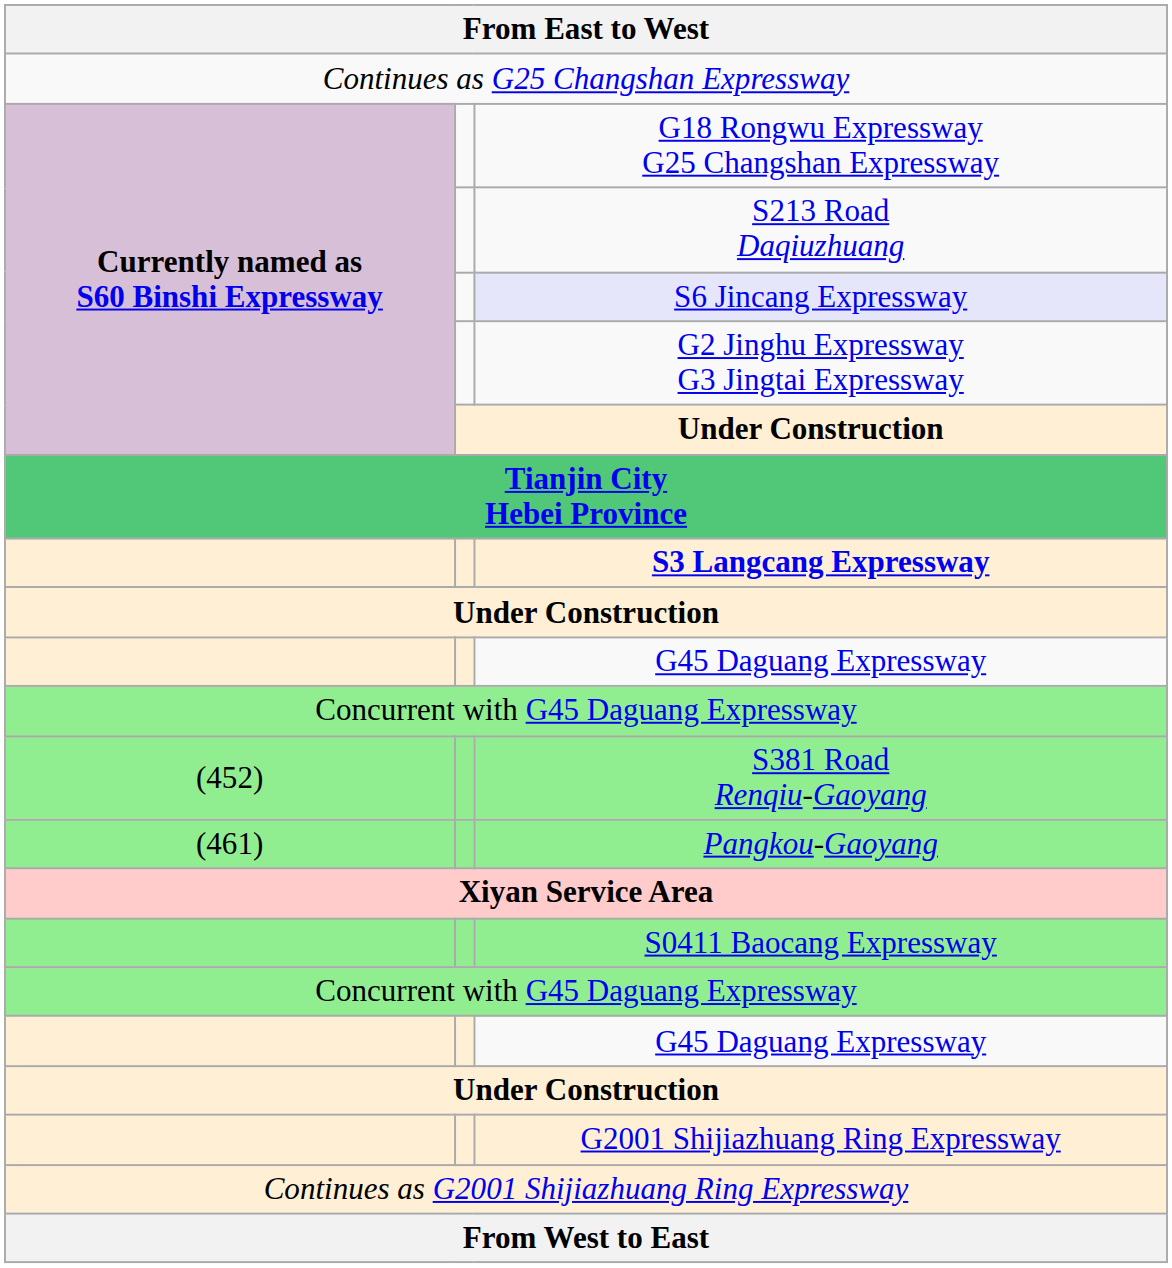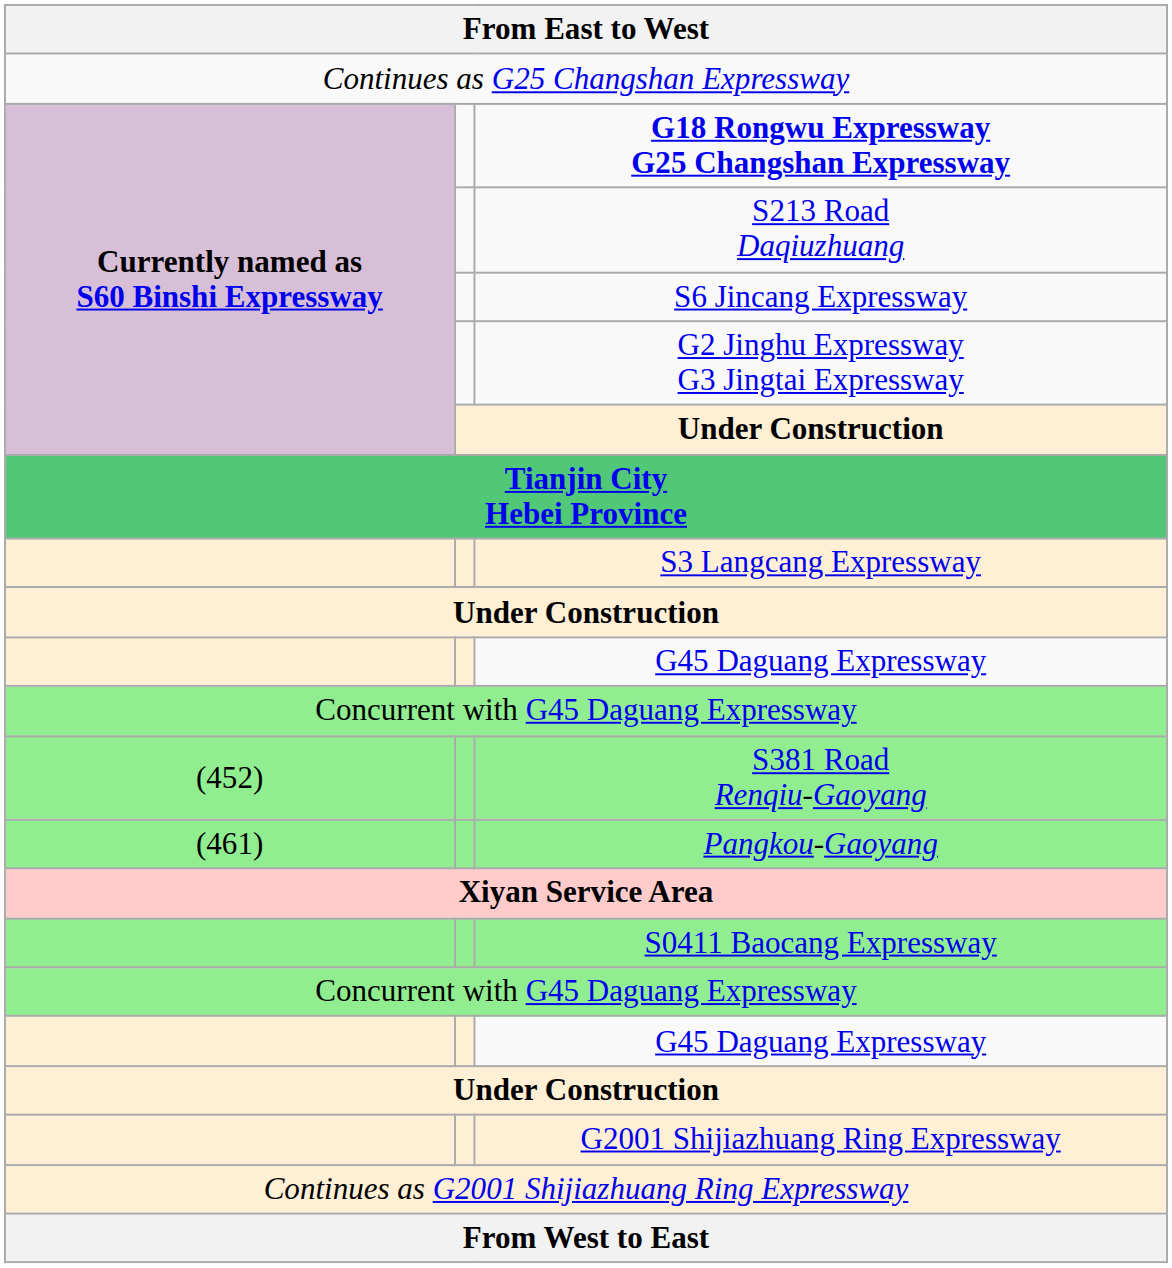 <table class="wikitable" style="text-align:center" width="600px">
 <tr>
 <th text-align="center" colspan="3"> From East to West </th>
 </tr>
 <tr>
 <td colspan="3"><em>Continues as  <a href='#'>G25 Changshan Expressway</a></em></td>
 </tr>
 <tr>
 <td rowspan="5" style="background:#d8bfd8;"><strong>Currently named as<br> <a href='#'>S60 Binshi Expressway</a></strong></td>
 <td><br></td>
-<td> <a href='#'>G18 Rongwu Expressway</a><br> <a href='#'>G25 Changshan Expressway</a></td>
+<td><strong> <a href='#'>G18 Rongwu Expressway</a><br> <a href='#'>G25 Changshan Expressway</a></strong></td>
 </tr>
 <tr>
 <td></td>
 <td> <a href='#'>S213 Road</a><br><em><a href='#'>Daqiuzhuang</a></em></td>
 </tr>
 <tr>
 <td></td>
-<td style="background: lavender;"> <a href='#'>S6 Jincang Expressway</a></td>
+<td> <a href='#'>S6 Jincang Expressway</a></td>
 </tr>
 <tr>
 <td></td>
 <td> <a href='#'>G2 Jinghu Expressway</a><br> <a href='#'>G3 Jingtai Expressway</a></td>
 </tr>
 <tr style="background:#ffefd5;">
 <td colspan="3"> <strong>Under Construction</strong> </td>
 </tr>
 <tr>
 <td colspan="7" align="center" bgcolor="#50 C8 78"> <strong><a href='#'>Tianjin City</a></strong> <br> <strong><a href='#'>Hebei Province</a></strong> </td>
 </tr>
 <tr style="background:#ffefd5;">
 <td></td>
 <td></td>
-<td><strong> <a href='#'>S3 Langcang Expressway</a></strong></td>
+<td> <a href='#'>S3 Langcang Expressway</a></td>
 </tr>
 <tr style="background:#ffefd5;">
 <td colspan="3"> <strong>Under Construction</strong> </td>
 </tr>
 <tr>
 <td style="background:#ffefd5;"></td>
 <td style="background:#ffefd5;"><br></td>
 <td> <a href='#'>G45 Daguang Expressway</a></td>
 </tr>
 <tr>
 <td colspan="7" align="center" bgcolor="#90 EE 90"> Concurrent with  <a href='#'>G45 Daguang Expressway</a> </td>
 </tr>
 <tr style="background:#90ee90">
 <td>(452)</td>
 <td></td>
 <td> <a href='#'>S381 Road</a><br><em><a href='#'>Renqiu</a>-<a href='#'>Gaoyang</a></em></td>
 </tr>
 <tr style="background:#90ee90">
 <td>(461)</td>
 <td></td>
 <td><em><a href='#'>Pangkou</a>-<a href='#'>Gaoyang</a></em></td>
 </tr>
 <tr>
 <td align="center" bgcolor="#FFCBCB" colspan="7"> <strong>Xiyan Service Area</strong></td>
 </tr>
 <tr style="background:#90ee90">
 <td></td>
 <td></td>
 <td> <a href='#'>S0411 Baocang Expressway</a></td>
 </tr>
 <tr>
 <td colspan="7" align="center" bgcolor="#90 EE 90"> Concurrent with  <a href='#'>G45 Daguang Expressway</a> </td>
 </tr>
 <tr>
 <td style="background:#ffefd5;"></td>
 <td style="background:#ffefd5;"><br></td>
 <td> <a href='#'>G45 Daguang Expressway</a></td>
 </tr>
 <tr style="background:#ffefd5;">
 <td colspan="3"> <strong>Under Construction</strong> </td>
 </tr>
 <tr style="background:#ffefd5;">
 <td></td>
 <td><br></td>
 <td> <a href='#'>G2001 Shijiazhuang Ring Expressway</a><br></td>
 </tr>
 <tr style="background:#ffefd5;">
 <td colspan="3"><em> Continues as  <a href='#'>G2001 Shijiazhuang Ring Expressway</a></em></td>
 </tr>
 <tr>
 <th text-align="center" colspan="3"> From West to East </th>
 </tr>
 </table>
